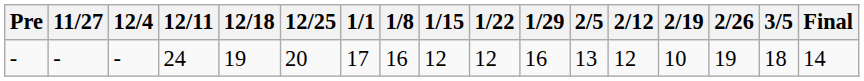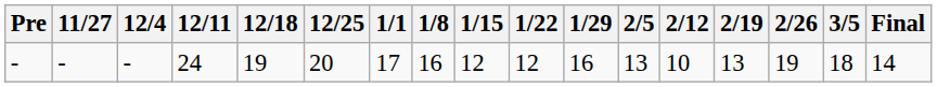 <table class="wikitable sortable">
 <tr>
 <th>Pre</th>
 <th>11/27</th>
 <th>12/4</th>
 <th>12/11</th>
 <th>12/18</th>
 <th>12/25</th>
 <th>1/1</th>
 <th>1/8</th>
 <th>1/15</th>
 <th>1/22</th>
 <th>1/29</th>
 <th>2/5</th>
 <th>2/12</th>
 <th>2/19</th>
 <th>2/26</th>
 <th>3/5</th>
 <th>Final</th>
 </tr>
 <tr>
 <td>-</td>
 <td>-</td>
 <td>-</td>
 <td>24</td>
 <td>19</td>
 <td>20</td>
 <td>17</td>
 <td>16</td>
 <td>12</td>
 <td>12</td>
 <td>16</td>
 <td>13</td>
-<td>12</td>
 <td>10</td>
+<td>13</td>
 <td>19</td>
 <td>18</td>
 <td>14</td>
 </tr>
 </table>
